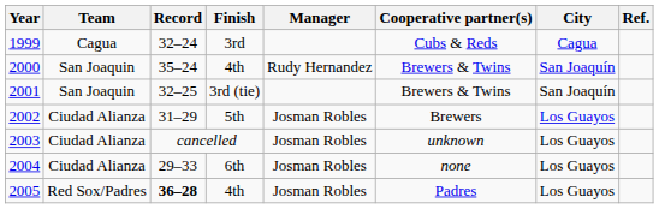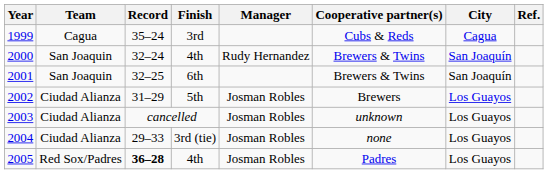 <table class="wikitable" style="text-align:center;">
 <tr>
 <th>Year</th>
 <th>Team</th>
 <th>Record</th>
 <th>Finish</th>
 <th>Manager</th>
 <th>Cooperative partner(s)</th>
 <th>City</th>
 <th>Ref.</th>
 </tr>
 <tr>
 <td><a href='#'>1999</a></td>
 <td>Cagua</td>
-<td>32–24</td>
+<td>35–24</td>
 <td>3rd</td>
 <td></td>
 <td><a href='#'>Cubs</a> & <a href='#'>Reds</a></td>
 <td><a href='#'>Cagua</a></td>
 <td></td>
 </tr>
 <tr>
 <td><a href='#'>2000</a></td>
 <td>San Joaquin</td>
-<td>35–24</td>
+<td>32–24</td>
 <td>4th</td>
 <td>Rudy Hernandez</td>
 <td><a href='#'>Brewers</a> & <a href='#'>Twins</a></td>
 <td><a href='#'>San Joaquín</a></td>
 <td></td>
 </tr>
 <tr>
 <td><a href='#'>2001</a></td>
 <td>San Joaquin</td>
 <td>32–25</td>
-<td>3rd (tie)</td>
+<td>6th</td>
 <td></td>
 <td>Brewers & Twins</td>
 <td>San Joaquín</td>
 <td></td>
 </tr>
 <tr>
 <td><a href='#'>2002</a></td>
 <td>Ciudad Alianza</td>
 <td>31–29</td>
 <td>5th</td>
 <td>Josman Robles</td>
 <td>Brewers</td>
 <td><a href='#'>Los Guayos</a></td>
 <td></td>
 </tr>
 <tr>
 <td><a href='#'>2003</a></td>
 <td>Ciudad Alianza</td>
 <td colspan=2><em>cancelled</em></td>
 <td>Josman Robles</td>
 <td><em>unknown</em></td>
 <td>Los Guayos</td>
 <td></td>
 </tr>
 <tr>
 <td><a href='#'>2004</a></td>
 <td>Ciudad Alianza</td>
 <td>29–33</td>
-<td>6th</td>
+<td>3rd (tie)</td>
 <td>Josman Robles</td>
 <td><em>none</em></td>
 <td>Los Guayos</td>
 <td></td>
 </tr>
 <tr>
 <td><a href='#'>2005</a></td>
 <td>Red Sox/Padres</td>
 <td><strong>36–28</strong></td>
 <td>4th</td>
 <td>Josman Robles</td>
 <td><a href='#'>Padres</a></td>
 <td>Los Guayos</td>
 <td></td>
 </tr>
 </table>
